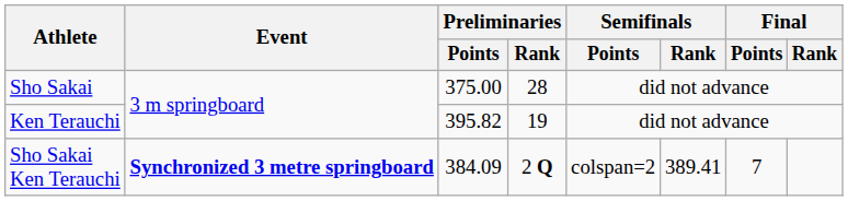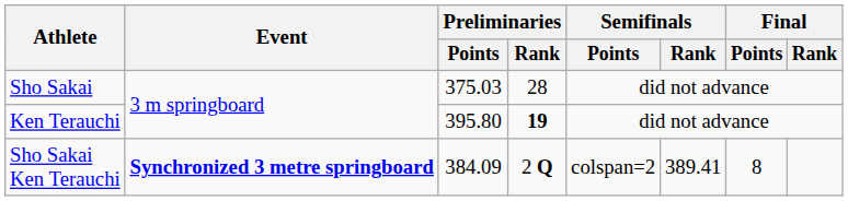 <table class=wikitable style="font-size:90%;">
 <tr>
 <th rowspan="2">Athlete</th>
 <th rowspan="2">Event</th>
 <th colspan="2">Preliminaries</th>
 <th colspan="2">Semifinals</th>
 <th colspan="2">Final</th>
 </tr>
 <tr style="font-size:95%">
 <th>Points</th>
 <th>Rank</th>
 <th>Points</th>
 <th>Rank</th>
 <th>Points</th>
 <th>Rank</th>
 </tr>
 <tr align=center>
 <td align=left><a href='#'>Sho Sakai</a></td>
 <td align=left rowspan=2><a href='#'>3 m springboard</a></td>
-<td>375.00</td>
+<td>375.03</td>
 <td>28</td>
 <td colspan=4>did not advance</td>
 </tr>
 <tr align=center>
 <td align=left><a href='#'>Ken Terauchi</a></td>
-<td>395.82</td>
-<td>19</td>
+<td>395.80</td>
+<td><strong>19</strong></td>
 <td colspan=4>did not advance</td>
 </tr>
 <tr align=center>
 <td align=left><a href='#'>Sho Sakai</a><br><a href='#'>Ken Terauchi</a></td>
 <td align=left><strong><a href='#'>Synchronized 3 metre springboard</a></strong></td>
 <td>384.09</td>
 <td>2 <strong>Q</strong></td>
 <td>colspan=2 </td>
 <td>389.41</td>
-<td>7</td>
+<td>8</td>
 </tr>
 </table>
